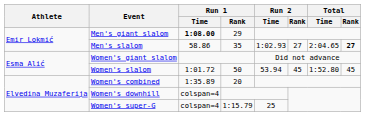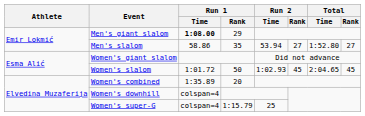 <table class=wikitable style=font-size:90%;text-align:center>
 <tr>
 <th rowspan=2>Athlete</th>
 <th rowspan=2>Event</th>
 <th colspan=2>Run 1</th>
 <th colspan=2>Run 2</th>
 <th colspan=2>Total</th>
 </tr>
 <tr style="font-size:95%">
 <th>Time</th>
 <th>Rank</th>
 <th>Time</th>
 <th>Rank</th>
 <th>Time</th>
 <th>Rank</th>
 </tr>
 <tr>
 <td align=left rowspan=2><a href='#'>Emir Lokmić</a></td>
 <td align=left><a href='#'>Men's giant slalom</a></td>
 <td><strong>1:08.00</strong></td>
 <td>29</td>
 <td colspan=4></td>
 </tr>
 <tr>
 <td align=left><a href='#'>Men's slalom</a></td>
 <td>58.86</td>
 <td>35</td>
-<td>1:02.93</td>
+<td>53.94</td>
 <td>27</td>
-<td>2:04.65</td>
-<td><strong>27</strong></td>
+<td>1:52.80</td>
+<td>27</td>
 </tr>
 <tr>
 <td align=left rowspan=2><a href='#'>Esma Alić</a></td>
 <td align=left><a href='#'>Women's giant slalom</a></td>
 <td colspan=2></td>
 <td colspan=4>Did not advance</td>
 </tr>
 <tr>
 <td align=left><a href='#'>Women's slalom</a></td>
 <td>1:01.72</td>
 <td>50</td>
-<td>53.94</td>
+<td>1:02.93</td>
 <td>45</td>
-<td>1:52.80</td>
+<td>2:04.65</td>
 <td>45</td>
 </tr>
 <tr>
 <td align=left rowspan=3><a href='#'>Elvedina Muzaferija</a></td>
 <td align=left><a href='#'>Women's combined</a></td>
 <td>1:35.89</td>
 <td>20</td>
 <td colspan=4></td>
 </tr>
 <tr>
 <td align=left><a href='#'>Women's downhill</a></td>
 <td>colspan=4 </td>
 <td colspan=2></td>
 </tr>
 <tr>
 <td align=left><a href='#'>Women's super-G</a></td>
 <td>colspan=4 </td>
 <td>1:15.79</td>
 <td>25</td>
 </tr>
 </table>
